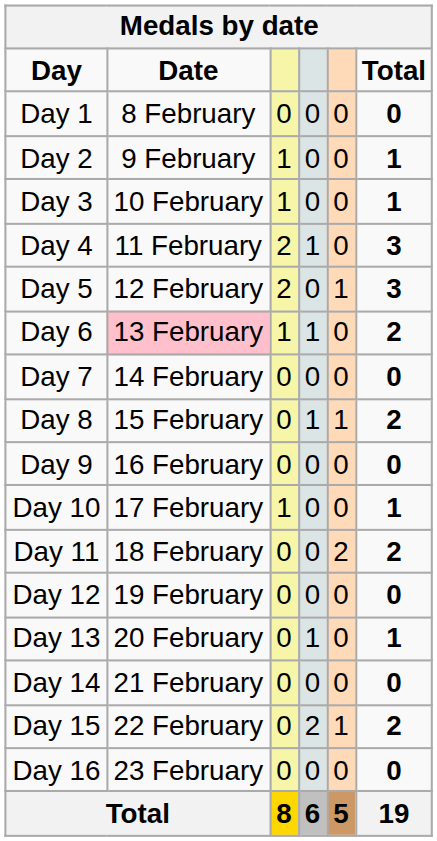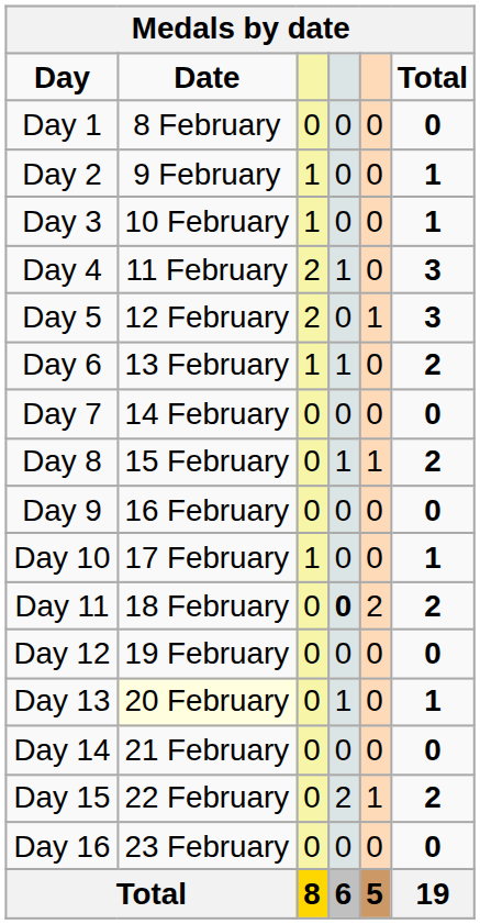 <table class=wikitable style="font-size:85%;float:right;clear:right;">
 <tr bgcolor=efefef>
 <th colspan=6>Medals by date</th>
 </tr>
 <tr align=center>
 <td><strong>Day</strong></td>
 <td><strong>Date</strong></td>
 <td bgcolor=#f7f6a8></td>
 <td bgcolor=#dce5e5></td>
 <td bgcolor=#ffdab9></td>
 <td><strong>Total</strong></td>
 </tr>
 <tr align=center>
 <td>Day 1</td>
 <td>8 February</td>
 <td bgcolor=F7F6A8>0</td>
 <td bgcolor=DCE5E5>0</td>
 <td bgcolor=FFDAB9>0</td>
 <td><strong>0</strong></td>
 </tr>
 <tr align=center>
 <td>Day 2</td>
 <td>9 February</td>
 <td bgcolor=F7F6A8>1</td>
 <td bgcolor=DCE5E5>0</td>
 <td bgcolor=FFDAB9>0</td>
 <td><strong>1</strong></td>
 </tr>
 <tr align=center>
 <td>Day 3</td>
 <td>10 February</td>
 <td bgcolor=F7F6A8>1</td>
 <td bgcolor=DCE5E5>0</td>
 <td bgcolor=FFDAB9>0</td>
 <td><strong>1</strong></td>
 </tr>
 <tr align=center>
 <td>Day 4</td>
 <td>11 February</td>
 <td bgcolor=F7F6A8>2</td>
 <td bgcolor=DCE5E5>1</td>
 <td bgcolor=FFDAB9>0</td>
 <td><strong>3</strong></td>
 </tr>
 <tr align=center>
 <td>Day 5</td>
 <td>12 February</td>
 <td bgcolor=F7F6A8>2</td>
 <td bgcolor=DCE5E5>0</td>
 <td bgcolor=FFDAB9>1</td>
 <td><strong>3</strong></td>
 </tr>
 <tr align=center>
 <td>Day 6</td>
-<td style="background: pink;">13 February</td>
+<td>13 February</td>
 <td bgcolor=F7F6A8>1</td>
 <td bgcolor=DCE5E5>1</td>
 <td bgcolor=FFDAB9>0</td>
 <td><strong>2</strong></td>
 </tr>
 <tr align=center>
 <td>Day 7</td>
 <td>14 February</td>
 <td bgcolor=F7F6A8>0</td>
 <td bgcolor=DCE5E5>0</td>
 <td bgcolor=FFDAB9>0</td>
 <td><strong>0</strong></td>
 </tr>
 <tr align=center>
 <td>Day 8</td>
 <td>15 February</td>
 <td bgcolor=F7F6A8>0</td>
 <td bgcolor=DCE5E5>1</td>
 <td bgcolor=FFDAB9>1</td>
 <td><strong>2</strong></td>
 </tr>
 <tr align=center>
 <td>Day 9</td>
 <td>16 February</td>
 <td bgcolor=F7F6A8>0</td>
 <td bgcolor=DCE5E5>0</td>
 <td bgcolor=FFDAB9>0</td>
 <td><strong>0</strong></td>
 </tr>
 <tr align=center>
 <td>Day 10</td>
 <td>17 February</td>
 <td bgcolor=F7F6A8>1</td>
 <td bgcolor=DCE5E5>0</td>
 <td bgcolor=FFDAB9>0</td>
 <td><strong>1</strong></td>
 </tr>
 <tr align=center>
 <td>Day 11</td>
 <td>18 February</td>
 <td bgcolor=F7F6A8>0</td>
-<td bgcolor=DCE5E5>0</td>
+<td bgcolor=DCE5E5><strong>0</strong></td>
 <td bgcolor=FFDAB9>2</td>
 <td><strong>2</strong></td>
 </tr>
 <tr align=center>
 <td>Day 12</td>
 <td>19 February</td>
 <td bgcolor=F7F6A8>0</td>
 <td bgcolor=DCE5E5>0</td>
 <td bgcolor=FFDAB9>0</td>
 <td><strong>0</strong></td>
 </tr>
 <tr align=center>
 <td>Day 13</td>
-<td>20 February</td>
+<td style="background: lightyellow;">20 February</td>
 <td bgcolor=F7F6A8>0</td>
 <td bgcolor=DCE5E5>1</td>
 <td bgcolor=FFDAB9>0</td>
 <td><strong>1</strong></td>
 </tr>
 <tr align=center>
 <td>Day 14</td>
 <td>21 February</td>
 <td bgcolor=F7F6A8>0</td>
 <td bgcolor=DCE5E5>0</td>
 <td bgcolor=FFDAB9>0</td>
 <td><strong>0</strong></td>
 </tr>
 <tr align=center>
 <td>Day 15</td>
 <td>22 February</td>
 <td bgcolor=F7F6A8>0</td>
 <td bgcolor=DCE5E5>2</td>
 <td bgcolor=FFDAB9>1</td>
 <td><strong>2</strong></td>
 </tr>
 <tr align=center>
 <td>Day 16</td>
 <td>23 February</td>
 <td bgcolor=F7F6A8>0</td>
 <td bgcolor=DCE5E5>0</td>
 <td bgcolor=FFDAB9>0</td>
 <td><strong>0</strong></td>
 </tr>
 <tr>
 <th colspan=2>Total</th>
 <th style="background:gold">8</th>
 <th style="background:silver">6</th>
 <th style="background:#c96">5</th>
 <th>19</th>
 </tr>
 </table>
